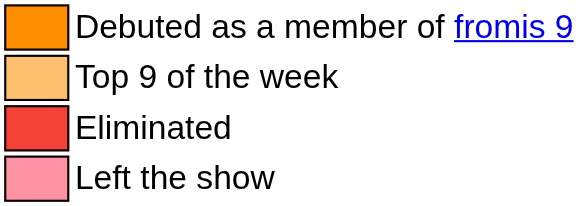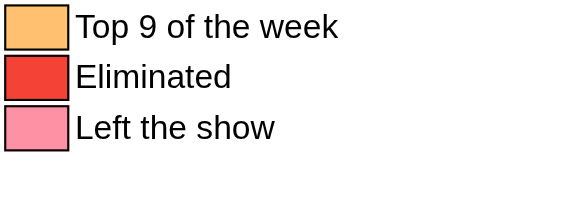 <table class="toccolours" style="f8f00:1px solid black">
 <tr>
 <td>      </td>
-</tr>
-<tr>
-<td style="background:#FF8F00; border:1px solid black;">      </td>
-<td>Debuted as a member of <a href='#'>fromis 9</a></td>
 </tr>
 <tr>
 <td style="background:#FFC06F; border:1px solid black;">      </td>
 <td>Top 9 of the week</td>
 </tr>
 <tr>
 <td style="background:#F44336; border:1px solid black;">      </td>
 <td>Eliminated</td>
 </tr>
 <tr>
 <td style="background:#FF91A4; border:1px solid black;">      </td>
 <td>Left the show</td>
 </tr>
 </table>
